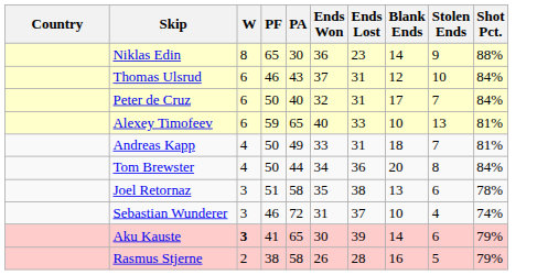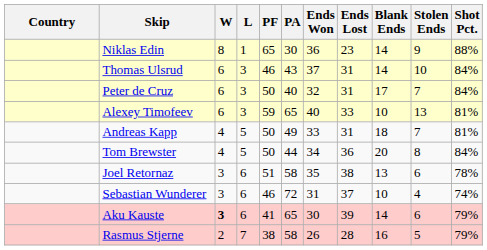 <table class=wikitable>
 <tr>
 <th width=110>Country</th>
 <th width=135>Skip</th>
 <th width=20>W</th>
+<th width=20>L</th>
 <th width=20>PF</th>
 <th width=20>PA</th>
 <th width=20>Ends Won</th>
 <th width=20>Ends Lost</th>
 <th width=20>Blank Ends</th>
 <th width=20>Stolen Ends</th>
 <th width=20>Shot Pct.</th>
 </tr>
 <tr style="background:#ffffcc;">
 <td></td>
 <td><a href='#'>Niklas Edin</a></td>
 <td>8</td>
+<td>1</td>
 <td>65</td>
 <td>30</td>
 <td>36</td>
 <td>23</td>
 <td>14</td>
 <td>9</td>
 <td>88%</td>
 </tr>
 <tr style="background:#ffffcc;">
 <td></td>
 <td><a href='#'>Thomas Ulsrud</a></td>
 <td>6</td>
+<td>3</td>
 <td>46</td>
 <td>43</td>
 <td>37</td>
 <td>31</td>
-<td>12</td>
+<td>14</td>
 <td>10</td>
 <td>84%</td>
 </tr>
 <tr style="background:#ffffcc;">
 <td></td>
 <td><a href='#'>Peter de Cruz</a></td>
 <td>6</td>
+<td>3</td>
 <td>50</td>
 <td>40</td>
 <td>32</td>
 <td>31</td>
 <td>17</td>
 <td>7</td>
 <td>84%</td>
 </tr>
 <tr style="background:#ffffcc;">
 <td></td>
 <td><a href='#'>Alexey Timofeev</a></td>
 <td>6</td>
+<td>3</td>
 <td>59</td>
 <td>65</td>
 <td>40</td>
 <td>33</td>
 <td>10</td>
 <td>13</td>
 <td>81%</td>
 </tr>
 <tr>
 <td></td>
 <td><a href='#'>Andreas Kapp</a></td>
 <td>4</td>
+<td>5</td>
 <td>50</td>
 <td>49</td>
 <td>33</td>
 <td>31</td>
 <td>18</td>
 <td>7</td>
 <td>81%</td>
 </tr>
 <tr>
 <td></td>
 <td><a href='#'>Tom Brewster</a></td>
 <td>4</td>
+<td>5</td>
 <td>50</td>
 <td>44</td>
 <td>34</td>
 <td>36</td>
 <td>20</td>
 <td>8</td>
 <td>84%</td>
 </tr>
 <tr>
 <td></td>
 <td><a href='#'>Joel Retornaz</a></td>
 <td>3</td>
+<td>6</td>
 <td>51</td>
 <td>58</td>
 <td>35</td>
 <td>38</td>
 <td>13</td>
 <td>6</td>
 <td>78%</td>
 </tr>
 <tr>
 <td></td>
 <td><a href='#'>Sebastian Wunderer</a></td>
 <td>3</td>
+<td>6</td>
 <td>46</td>
 <td>72</td>
 <td>31</td>
 <td>37</td>
 <td>10</td>
 <td>4</td>
 <td>74%</td>
 </tr>
 <tr style="background:#ffcccc;">
 <td></td>
 <td><a href='#'>Aku Kauste</a></td>
 <td><strong>3</strong></td>
+<td>6</td>
 <td>41</td>
 <td>65</td>
 <td>30</td>
 <td>39</td>
 <td>14</td>
 <td>6</td>
 <td>79%</td>
 </tr>
 <tr style="background:#ffcccc;">
 <td></td>
 <td><a href='#'>Rasmus Stjerne</a></td>
 <td>2</td>
+<td>7</td>
 <td>38</td>
 <td>58</td>
 <td>26</td>
 <td>28</td>
 <td>16</td>
 <td>5</td>
 <td>79%</td>
 </tr>
 </table>
